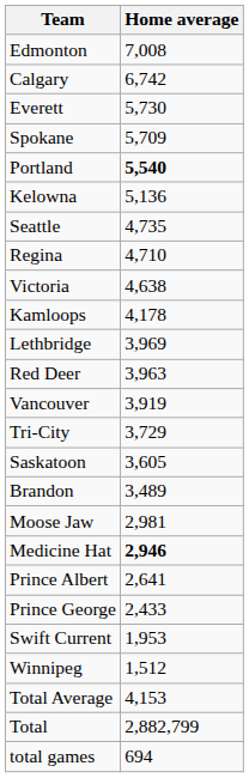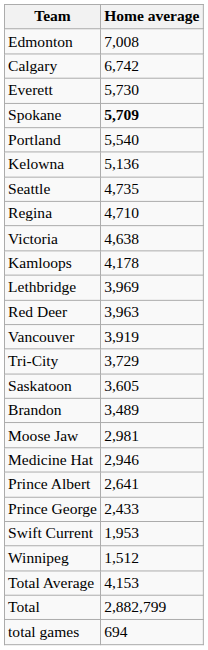 <table class="wikitable">
 <tr>
 <th>Team</th>
 <th>Home average</th>
 </tr>
 <tr>
 <td>Edmonton</td>
 <td>7,008</td>
 </tr>
 <tr>
 <td>Calgary</td>
 <td>6,742</td>
 </tr>
 <tr>
 <td>Everett</td>
 <td>5,730</td>
 </tr>
 <tr>
 <td>Spokane</td>
-<td>5,709</td>
+<td><strong>5,709</strong></td>
 </tr>
 <tr>
 <td>Portland</td>
-<td><strong>5,540</strong></td>
+<td>5,540</td>
 </tr>
 <tr>
 <td>Kelowna</td>
 <td>5,136</td>
 </tr>
 <tr>
 <td>Seattle</td>
 <td>4,735</td>
 </tr>
 <tr>
 <td>Regina</td>
 <td>4,710</td>
 </tr>
 <tr>
 <td>Victoria</td>
 <td>4,638</td>
 </tr>
 <tr>
 <td>Kamloops</td>
 <td>4,178</td>
 </tr>
 <tr>
 <td>Lethbridge</td>
 <td>3,969</td>
 </tr>
 <tr>
 <td>Red Deer</td>
 <td>3,963</td>
 </tr>
 <tr>
 <td>Vancouver</td>
 <td>3,919</td>
 </tr>
 <tr>
 <td>Tri-City</td>
 <td>3,729</td>
 </tr>
 <tr>
 <td>Saskatoon</td>
 <td>3,605</td>
 </tr>
 <tr>
 <td>Brandon</td>
 <td>3,489</td>
 </tr>
 <tr>
 <td>Moose Jaw</td>
 <td>2,981</td>
 </tr>
 <tr>
 <td>Medicine Hat</td>
-<td><strong>2,946</strong></td>
+<td>2,946</td>
 </tr>
 <tr>
 <td>Prince Albert</td>
 <td>2,641</td>
 </tr>
 <tr>
 <td>Prince George</td>
 <td>2,433</td>
 </tr>
 <tr>
 <td>Swift Current</td>
 <td>1,953</td>
 </tr>
 <tr>
 <td>Winnipeg</td>
 <td>1,512</td>
 </tr>
 <tr>
 <td>Total Average</td>
 <td>4,153</td>
 </tr>
 <tr>
 <td>Total</td>
 <td>2,882,799</td>
 </tr>
 <tr>
 <td>total games</td>
 <td>694</td>
 </tr>
 </table>
